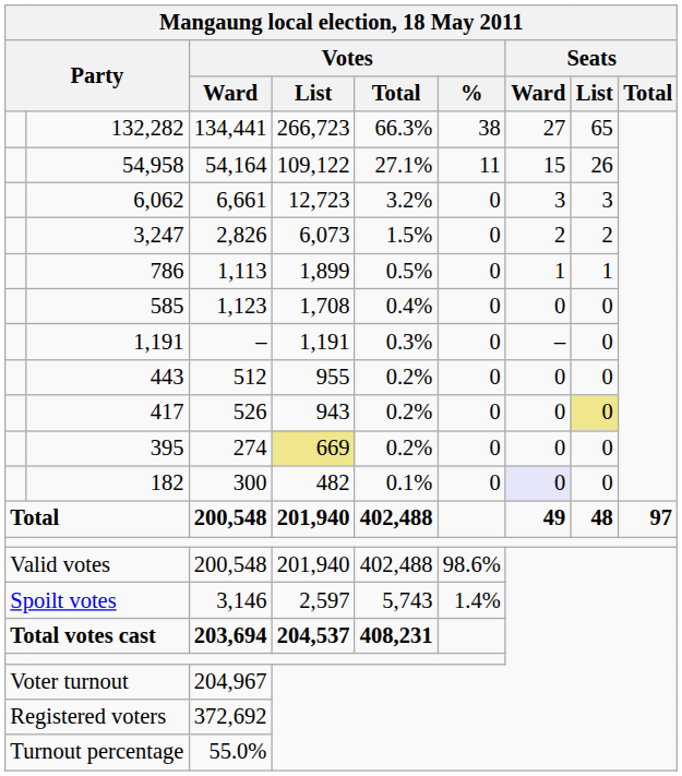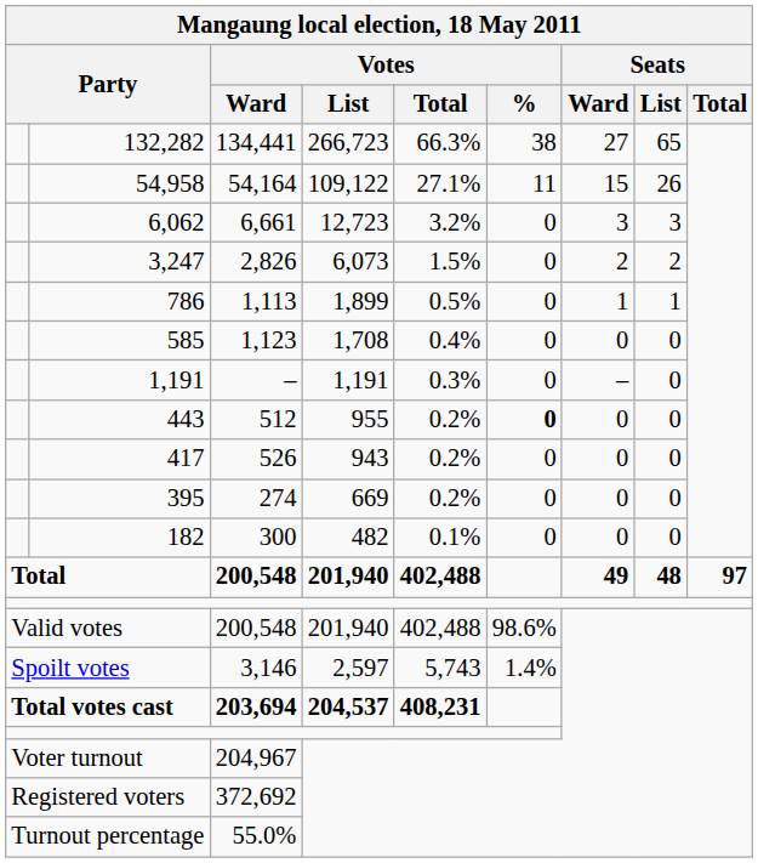 <table class=wikitable style="text-align:right">
 <tr>
 <th colspan="9" align="center">Mangaung local election, 18 May 2011</th>
 </tr>
 <tr>
 <th rowspan="2" colspan="2">Party</th>
 <th colspan="4" align="center">Votes</th>
 <th colspan="3" align="center">Seats</th>
 </tr>
 <tr>
 <th>Ward</th>
 <th>List</th>
 <th>Total</th>
 <th>%</th>
 <th>Ward</th>
 <th>List</th>
 <th>Total</th>
 </tr>
 <tr>
 <td></td>
 <td>132,282</td>
 <td>134,441</td>
 <td>266,723</td>
 <td>66.3%</td>
 <td>38</td>
 <td>27</td>
 <td>65</td>
 </tr>
 <tr>
 <td></td>
 <td>54,958</td>
 <td>54,164</td>
 <td>109,122</td>
 <td>27.1%</td>
 <td>11</td>
 <td>15</td>
 <td>26</td>
 </tr>
 <tr>
 <td></td>
 <td>6,062</td>
 <td>6,661</td>
 <td>12,723</td>
 <td>3.2%</td>
 <td>0</td>
 <td>3</td>
 <td>3</td>
 </tr>
 <tr>
 <td></td>
 <td>3,247</td>
 <td>2,826</td>
 <td>6,073</td>
 <td>1.5%</td>
 <td>0</td>
 <td>2</td>
 <td>2</td>
 </tr>
 <tr>
 <td></td>
 <td>786</td>
 <td>1,113</td>
 <td>1,899</td>
 <td>0.5%</td>
 <td>0</td>
 <td>1</td>
 <td>1</td>
 </tr>
 <tr>
 <td></td>
 <td>585</td>
 <td>1,123</td>
 <td>1,708</td>
 <td>0.4%</td>
 <td>0</td>
 <td>0</td>
 <td>0</td>
 </tr>
 <tr>
 <td></td>
 <td>1,191</td>
 <td>–</td>
 <td>1,191</td>
 <td>0.3%</td>
 <td>0</td>
 <td>–</td>
 <td>0</td>
 </tr>
 <tr>
 <td></td>
 <td>443</td>
 <td>512</td>
 <td>955</td>
 <td>0.2%</td>
-<td>0</td>
+<td><strong>0</strong></td>
 <td>0</td>
 <td>0</td>
 </tr>
 <tr>
 <td></td>
 <td>417</td>
 <td>526</td>
 <td>943</td>
 <td>0.2%</td>
 <td>0</td>
 <td>0</td>
-<td style="background: khaki;">0</td>
+<td>0</td>
 </tr>
 <tr>
 <td></td>
 <td>395</td>
 <td>274</td>
-<td style="background: khaki;">669</td>
+<td>669</td>
 <td>0.2%</td>
 <td>0</td>
 <td>0</td>
 <td>0</td>
 </tr>
 <tr>
 <td></td>
 <td>182</td>
 <td>300</td>
 <td>482</td>
 <td>0.1%</td>
 <td>0</td>
-<td style="background: lavender;">0</td>
+<td>0</td>
 <td>0</td>
 </tr>
 <tr>
 <td colspan="2" style="text-align:left"><strong>Total</strong></td>
 <td><strong>200,548</strong></td>
 <td><strong>201,940</strong></td>
 <td><strong>402,488</strong></td>
 <td></td>
 <td><strong>49</strong></td>
 <td><strong>48</strong></td>
 <td><strong>97</strong></td>
 </tr>
 <tr>
 <td colspan="9"></td>
 </tr>
 <tr>
 <td colspan="2" style="text-align:left">Valid votes</td>
 <td>200,548</td>
 <td>201,940</td>
 <td>402,488</td>
 <td>98.6%</td>
 </tr>
 <tr>
 <td colspan="2" style="text-align:left"><a href='#'>Spoilt votes</a></td>
 <td>3,146</td>
 <td>2,597</td>
 <td>5,743</td>
 <td>1.4%</td>
 </tr>
 <tr>
 <td colspan="2" style="text-align:left"><strong>Total votes cast</strong></td>
 <td><strong>203,694</strong></td>
 <td><strong>204,537</strong></td>
 <td><strong>408,231</strong></td>
 <td></td>
 </tr>
 <tr>
 <td colspan="6"></td>
 </tr>
 <tr>
 <td colspan="2" style="text-align:left">Voter turnout</td>
 <td>204,967</td>
 </tr>
 <tr>
 <td colspan="2" style="text-align:left">Registered voters</td>
 <td>372,692</td>
 </tr>
 <tr>
 <td colspan="2" style="text-align:left">Turnout percentage</td>
 <td>55.0%</td>
 </tr>
 </table>
